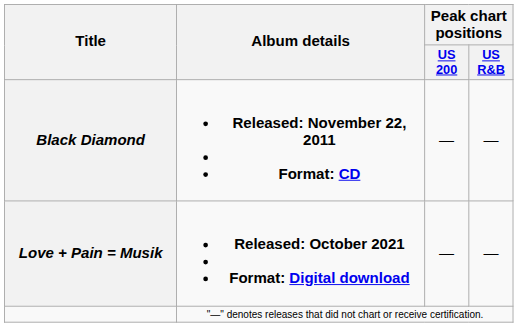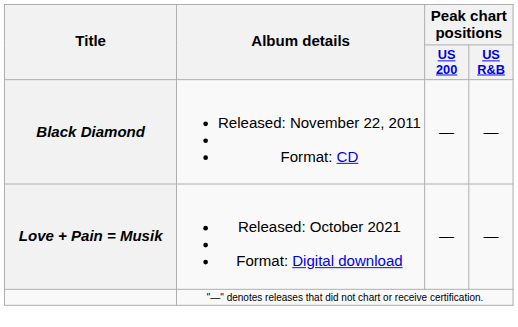 <table class="wikitable" style="text-align:center;">
 <tr>
 <th scope="col" rowspan="2" style="width:11em;">Title</th>
 <th scope="col" rowspan="2" style="width:16em;">Album details</th>
 <th scope="col" colspan="4">Peak chart positions</th>
 </tr>
 <tr>
 <th style="width:3em; font-size:85%"><a href='#'>US 200</a><br></th>
 <th style="width:3em; font-size:85%"><a href='#'>US R&B</a><br></th>
 </tr>
 <tr>
 <th scope="row"><em>Black Diamond</em></th>
-<td><strong><br><ul><li>Released: November 22, 2011</li><li></li><li>Format: <a href='#'>CD</a></li></ul></strong></td>
+<td><br><ul><li>Released: November 22, 2011</li><li></li><li>Format: <a href='#'>CD</a></li></ul></td>
 <td style="text-align:center;">—</td>
 <td style="text-align:center;">—</td>
 </tr>
 <tr>
 <th scope="row"><em>Love + Pain = Musik</em></th>
-<td><strong><br><ul><li>Released: October 2021</li><li></li><li>Format: <a href='#'>Digital download</a></li></ul></strong></td>
+<td><br><ul><li>Released: October 2021</li><li></li><li>Format: <a href='#'>Digital download</a></li></ul></td>
 <td style="text-align:center;">—</td>
 <td style="text-align:center;">—</td>
 </tr>
 <tr>
 <td></td>
 <td colspan="20" style="text-align:center; font-size:8pt;">"—" denotes releases that did not chart or receive certification.</td>
 </tr>
 </table>
